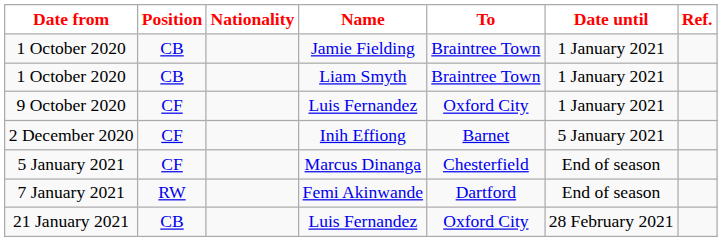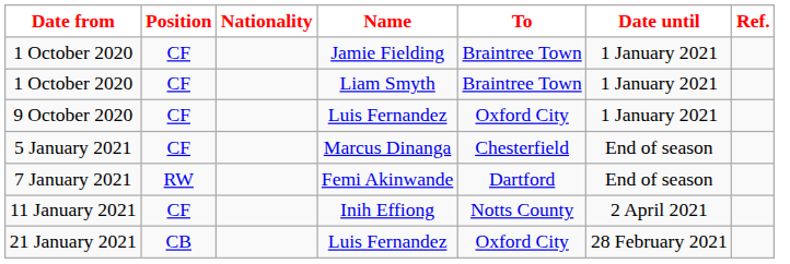 <table class="wikitable"  style="text-align:center; font-size:90%; ">
 <tr>
 <th style="background:white; color:red; ">Date from</th>
 <th style="background:white; color:red; ">Position</th>
 <th style="background:white; color:red; ">Nationality</th>
 <th style="background:white; color:red; ">Name</th>
 <th style="background:white; color:red; ">To</th>
 <th style="background:white; color:red; ">Date until</th>
 <th style="background:white; color:red; ">Ref.</th>
 </tr>
 <tr>
 <td>1 October 2020</td>
-<td><a href='#'>CB</a></td>
+<td><a href='#'>CF</a></td>
 <td></td>
 <td><a href='#'>Jamie Fielding</a></td>
 <td> <a href='#'>Braintree Town</a></td>
 <td>1 January 2021</td>
 <td></td>
 </tr>
 <tr>
 <td>1 October 2020</td>
-<td><a href='#'>CB</a></td>
+<td><a href='#'>CF</a></td>
 <td></td>
 <td><a href='#'>Liam Smyth</a></td>
 <td> <a href='#'>Braintree Town</a></td>
 <td>1 January 2021</td>
 <td></td>
 </tr>
 <tr>
 <td>9 October 2020</td>
 <td><a href='#'>CF</a></td>
 <td></td>
 <td><a href='#'>Luis Fernandez</a></td>
 <td> <a href='#'>Oxford City</a></td>
 <td>1 January 2021</td>
-<td></td>
-</tr>
-<tr>
-<td>2 December 2020</td>
-<td><a href='#'>CF</a></td>
-<td></td>
-<td><a href='#'>Inih Effiong</a></td>
-<td> <a href='#'>Barnet</a></td>
-<td>5 January 2021</td>
 <td></td>
 </tr>
 <tr>
 <td>5 January 2021</td>
 <td><a href='#'>CF</a></td>
 <td></td>
 <td><a href='#'>Marcus Dinanga</a></td>
 <td> <a href='#'>Chesterfield</a></td>
 <td>End of season</td>
 <td></td>
 </tr>
 <tr>
 <td>7 January 2021</td>
 <td><a href='#'>RW</a></td>
 <td></td>
 <td><a href='#'>Femi Akinwande</a></td>
 <td> <a href='#'>Dartford</a></td>
 <td>End of season</td>
 <td></td>
 </tr>
 <tr>
+<td>11 January 2021</td>
+<td><a href='#'>CF</a></td>
+<td></td>
+<td><a href='#'>Inih Effiong</a></td>
+<td> <a href='#'>Notts County</a></td>
+<td>2 April 2021</td>
+<td></td>
+</tr>
+<tr>
 <td>21 January 2021</td>
 <td><a href='#'>CB</a></td>
 <td></td>
 <td><a href='#'>Luis Fernandez</a></td>
 <td> <a href='#'>Oxford City</a></td>
 <td>28 February 2021</td>
 <td></td>
 </tr>
 </table>
